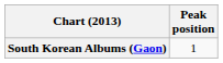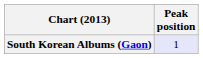 <table class="wikitable plainrowheaders" style="text-align:center">
 <tr>
 <th scope="col">Chart (2013)</th>
 <th scope="col">Peak<br>position</th>
 </tr>
 <tr>
 <th scope="row">South Korean Albums (<a href='#'>Gaon</a>)</th>
-<td align="center">1</td>
+<td align="center" style="background: lavender;">1</td>
 </tr>
 </table>
